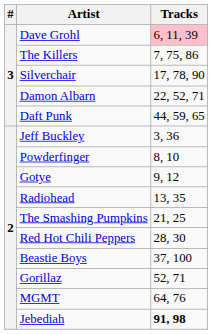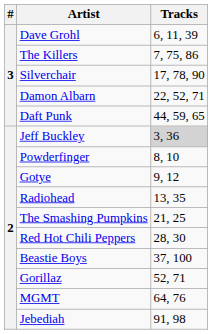 <table class="wikitable sortable">
 <tr>
 <th>#</th>
 <th>Artist</th>
 <th>Tracks</th>
 </tr>
 <tr>
 <th rowspan="5">3</th>
 <td><a href='#'>Dave Grohl</a></td>
-<td style="background: pink;">6, 11, 39</td>
+<td>6, 11, 39</td>
 </tr>
 <tr>
 <td><a href='#'>The Killers</a></td>
 <td>7, 75, 86</td>
 </tr>
 <tr>
 <td><a href='#'>Silverchair</a></td>
 <td>17, 78, 90</td>
 </tr>
 <tr>
 <td><a href='#'>Damon Albarn</a></td>
 <td>22, 52, 71</td>
 </tr>
 <tr>
 <td><a href='#'>Daft Punk</a></td>
 <td>44, 59, 65</td>
 </tr>
 <tr>
 <th rowspan="10">2</th>
 <td><a href='#'>Jeff Buckley</a></td>
-<td>3, 36</td>
+<td style="background: lightgrey;">3, 36</td>
 </tr>
 <tr>
 <td><a href='#'>Powderfinger</a></td>
 <td>8, 10</td>
 </tr>
 <tr>
 <td><a href='#'>Gotye</a></td>
 <td>9, 12</td>
 </tr>
 <tr>
 <td><a href='#'>Radiohead</a></td>
 <td>13, 35</td>
 </tr>
 <tr>
 <td><a href='#'>The Smashing Pumpkins</a></td>
 <td>21, 25</td>
 </tr>
 <tr>
 <td><a href='#'>Red Hot Chili Peppers</a></td>
 <td>28, 30</td>
 </tr>
 <tr>
 <td><a href='#'>Beastie Boys</a></td>
 <td>37, 100</td>
 </tr>
 <tr>
 <td><a href='#'>Gorillaz</a></td>
 <td>52, 71</td>
 </tr>
 <tr>
 <td><a href='#'>MGMT</a></td>
 <td>64, 76</td>
 </tr>
 <tr>
 <td><a href='#'>Jebediah</a></td>
-<td><strong>91, 98</strong></td>
+<td>91, 98</td>
 </tr>
 </table>
